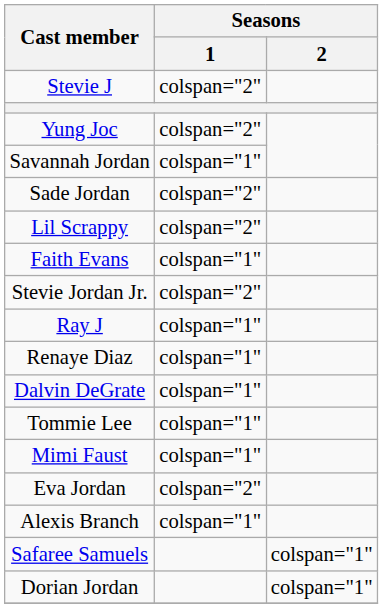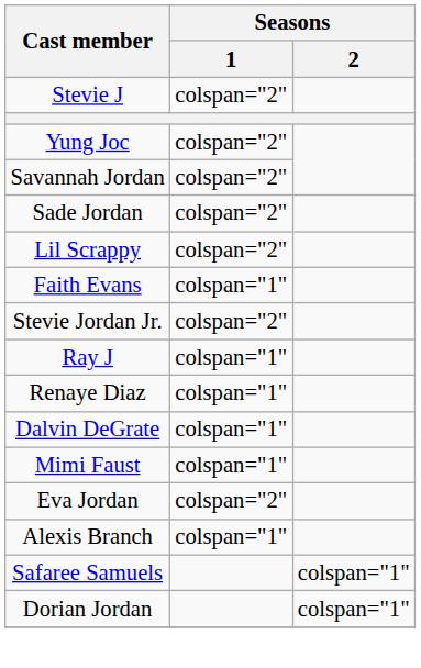 <table class="wikitable plainrowheaders" style="text-align:center;">
 <tr>
 <th scope="col" rowspan="2">Cast member</th>
 <th scope="col" colspan="2">Seasons</th>
 </tr>
 <tr>
 <th scope="col">1</th>
 <th scope="col">2</th>
 </tr>
 <tr>
 <td scope="row"><a href='#'>Stevie J</a></td>
 <td>colspan="2" </td>
 </tr>
 <tr>
 <th scope="col" colspan="3"></th>
 </tr>
 <tr>
 <td scope="row"><a href='#'>Yung Joc</a></td>
 <td>colspan="2" </td>
 </tr>
 <tr>
 <td scope="row">Savannah Jordan</td>
-<td>colspan="1" </td>
+<td>colspan="2" </td>
 </tr>
 <tr>
 <td scope="row">Sade Jordan</td>
 <td>colspan="2" </td>
 <td></td>
 </tr>
 <tr>
 <td scope="row"><a href='#'>Lil Scrappy</a></td>
 <td>colspan="2" </td>
 </tr>
 <tr>
 <td scope="row"><a href='#'>Faith Evans</a></td>
 <td>colspan="1" </td>
 <td></td>
 </tr>
 <tr>
 <td scope="row">Stevie Jordan Jr.</td>
 <td>colspan="2" </td>
 </tr>
 <tr>
 <td scope="row"><a href='#'>Ray J</a></td>
 <td>colspan="1" </td>
 <td></td>
 </tr>
 <tr>
 <td scope="row">Renaye Diaz</td>
 <td>colspan="1" </td>
 <td></td>
 </tr>
 <tr>
 <td scope="row"><a href='#'>Dalvin DeGrate</a></td>
 <td>colspan="1" </td>
 <td></td>
 </tr>
 <tr>
-<td scope="row">Tommie Lee</td>
-<td>colspan="1" </td>
-<td></td>
-</tr>
-<tr>
 <td scope="row"><a href='#'>Mimi Faust</a></td>
 <td>colspan="1" </td>
 <td></td>
 </tr>
 <tr>
 <td scope="row">Eva Jordan</td>
 <td>colspan="2" </td>
 </tr>
 <tr>
 <td scope="row">Alexis Branch</td>
 <td>colspan="1" </td>
 <td></td>
 </tr>
 <tr>
 <td scope="row"><a href='#'>Safaree Samuels</a></td>
 <td></td>
 <td>colspan="1" </td>
 </tr>
 <tr>
 <td scope="row">Dorian Jordan</td>
 <td></td>
 <td>colspan="1" </td>
 </tr>
 <tr>
 </tr>
 </table>
